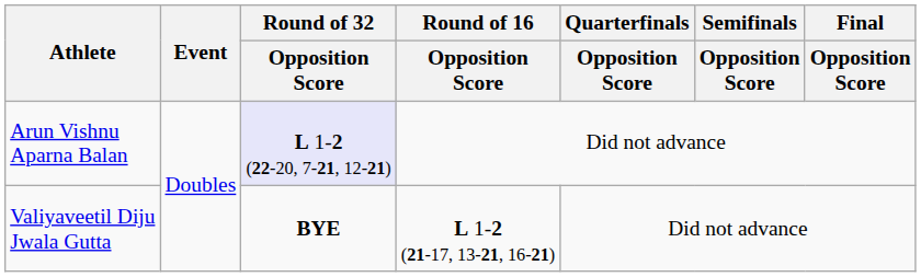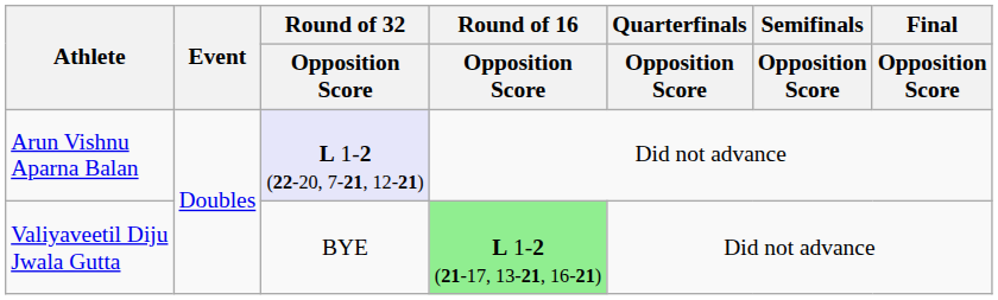 <table class=wikitable style="font-size:90%">
 <tr>
 <th rowspan=2>Athlete</th>
 <th rowspan=2>Event</th>
 <th>Round of 32</th>
 <th>Round of 16</th>
 <th>Quarterfinals</th>
 <th>Semifinals</th>
 <th>Final</th>
 </tr>
 <tr>
 <th>Opposition<br>Score</th>
 <th>Opposition<br>Score</th>
 <th>Opposition<br>Score</th>
 <th>Opposition<br>Score</th>
 <th>Opposition<br>Score</th>
 </tr>
 <tr>
 <td><a href='#'>Arun Vishnu</a> <br> <a href='#'>Aparna Balan</a></td>
 <td rowspan=2><a href='#'>Doubles</a></td>
 <td align=center style="background: lavender;"><br><strong>L</strong> 1-<strong>2</strong><br><small>(<strong>22</strong>-20, 7-<strong>21</strong>, 12-<strong>21</strong>)</small></td>
 <td align=center colspan="7">Did not advance</td>
 </tr>
 <tr>
 <td><a href='#'>Valiyaveetil Diju</a> <br> <a href='#'>Jwala Gutta</a></td>
-<td align=center><strong>BYE</strong></td>
-<td align=center><br><strong>L</strong> 1-<strong>2</strong><br><small>(<strong>21</strong>-17, 13-<strong>21</strong>, 16-<strong>21</strong>)</small></td>
+<td align=center>BYE</td>
+<td align=center style="background: lightgreen;"><br><strong>L</strong> 1-<strong>2</strong><br><small>(<strong>21</strong>-17, 13-<strong>21</strong>, 16-<strong>21</strong>)</small></td>
 <td align=center colspan="7">Did not advance</td>
 </tr>
 </table>
